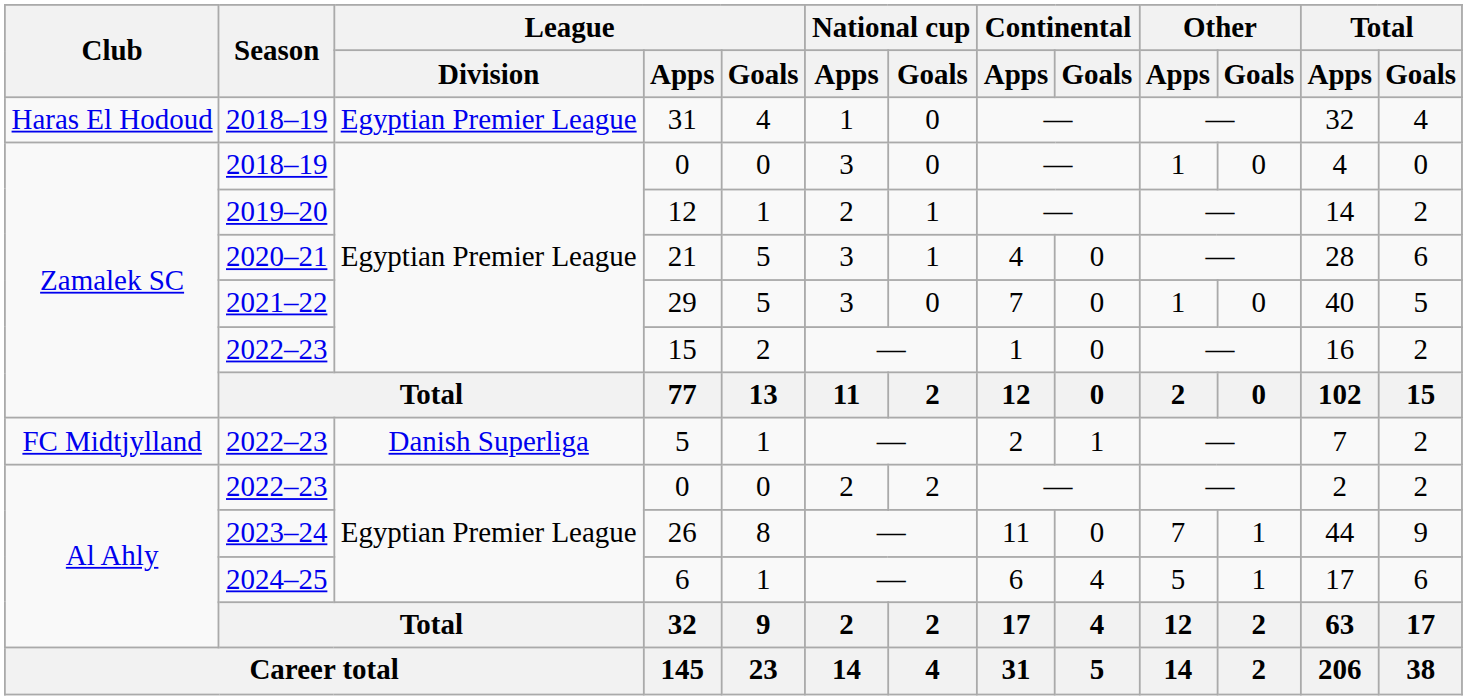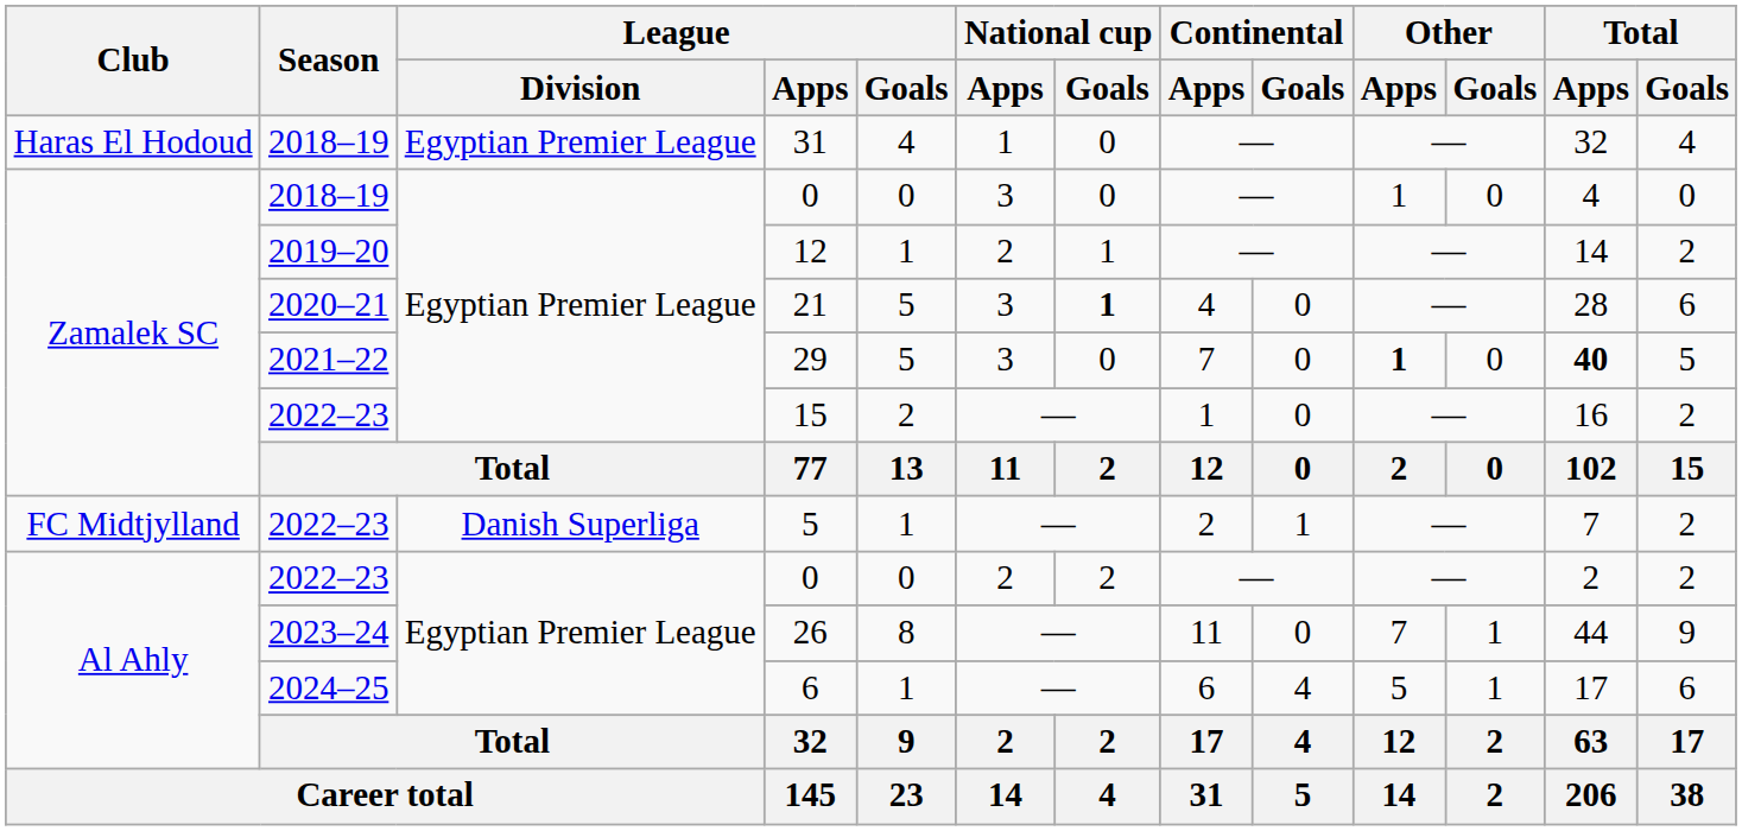 <table class="wikitable" style="text-align:center">
 <tr>
 <th rowspan="2">Club</th>
 <th rowspan="2">Season</th>
 <th colspan="3">League</th>
 <th colspan="2">National cup</th>
 <th colspan="2">Continental</th>
 <th colspan="2">Other</th>
 <th colspan="2">Total</th>
 </tr>
 <tr>
 <th>Division</th>
 <th>Apps</th>
 <th>Goals</th>
 <th>Apps</th>
 <th>Goals</th>
 <th>Apps</th>
 <th>Goals</th>
 <th>Apps</th>
 <th>Goals</th>
 <th>Apps</th>
 <th>Goals</th>
 </tr>
 <tr>
 <td><a href='#'>Haras El Hodoud</a></td>
 <td><a href='#'>2018–19</a></td>
 <td><a href='#'>Egyptian Premier League</a></td>
 <td>31</td>
 <td>4</td>
 <td>1</td>
 <td>0</td>
 <td colspan="2">—</td>
 <td colspan="2">—</td>
 <td>32</td>
 <td>4</td>
 </tr>
 <tr>
 <td rowspan="6"><a href='#'>Zamalek SC</a></td>
 <td><a href='#'>2018–19</a></td>
 <td rowspan="5">Egyptian Premier League</td>
 <td>0</td>
 <td>0</td>
 <td>3</td>
 <td>0</td>
 <td colspan="2">—</td>
 <td>1</td>
 <td>0</td>
 <td>4</td>
 <td>0</td>
 </tr>
 <tr>
 <td><a href='#'>2019–20</a></td>
 <td>12</td>
 <td>1</td>
 <td>2</td>
 <td>1</td>
 <td colspan="2">—</td>
 <td colspan="2">—</td>
 <td>14</td>
 <td>2</td>
 </tr>
 <tr>
 <td><a href='#'>2020–21</a></td>
 <td>21</td>
 <td>5</td>
 <td>3</td>
-<td>1</td>
+<td><strong>1</strong></td>
 <td>4</td>
 <td>0</td>
 <td colspan="2">—</td>
 <td>28</td>
 <td>6</td>
 </tr>
 <tr>
 <td><a href='#'>2021–22</a></td>
 <td>29</td>
 <td>5</td>
 <td>3</td>
 <td>0</td>
 <td>7</td>
 <td>0</td>
-<td>1</td>
+<td><strong>1</strong></td>
 <td>0</td>
-<td>40</td>
+<td><strong>40</strong></td>
 <td>5</td>
 </tr>
 <tr>
 <td><a href='#'>2022–23</a></td>
 <td>15</td>
 <td>2</td>
 <td colspan="2">—</td>
 <td>1</td>
 <td>0</td>
 <td colspan="2">—</td>
 <td>16</td>
 <td>2</td>
 </tr>
 <tr>
 <th colspan="2">Total</th>
 <th>77</th>
 <th>13</th>
 <th>11</th>
 <th>2</th>
 <th>12</th>
 <th>0</th>
 <th>2</th>
 <th>0</th>
 <th>102</th>
 <th>15</th>
 </tr>
 <tr>
 <td><a href='#'>FC Midtjylland</a></td>
 <td><a href='#'>2022–23</a></td>
 <td><a href='#'>Danish Superliga</a></td>
 <td>5</td>
 <td>1</td>
 <td colspan="2">—</td>
 <td>2</td>
 <td>1</td>
 <td colspan="2">—</td>
 <td>7</td>
 <td>2</td>
 </tr>
 <tr>
 <td rowspan="4"><a href='#'>Al Ahly</a></td>
 <td><a href='#'>2022–23</a></td>
 <td rowspan="3">Egyptian Premier League</td>
 <td>0</td>
 <td>0</td>
 <td>2</td>
 <td>2</td>
 <td colspan="2">—</td>
 <td colspan="2">—</td>
 <td>2</td>
 <td>2</td>
 </tr>
 <tr>
 <td><a href='#'>2023–24</a></td>
 <td>26</td>
 <td>8</td>
 <td colspan="2">—</td>
 <td>11</td>
 <td>0</td>
 <td>7</td>
 <td>1</td>
 <td>44</td>
 <td>9</td>
 </tr>
 <tr>
 <td><a href='#'>2024–25</a></td>
 <td>6</td>
 <td>1</td>
 <td colspan="2">—</td>
 <td>6</td>
 <td>4</td>
 <td>5</td>
 <td>1</td>
 <td>17</td>
 <td>6</td>
 </tr>
 <tr>
 <th colspan="2">Total</th>
 <th>32</th>
 <th>9</th>
 <th>2</th>
 <th>2</th>
 <th>17</th>
 <th>4</th>
 <th>12</th>
 <th>2</th>
 <th>63</th>
 <th>17</th>
 </tr>
 <tr>
 <th colspan="3">Career total</th>
 <th>145</th>
 <th>23</th>
 <th>14</th>
 <th>4</th>
 <th>31</th>
 <th>5</th>
 <th>14</th>
 <th>2</th>
 <th>206</th>
 <th>38</th>
 </tr>
 </table>
